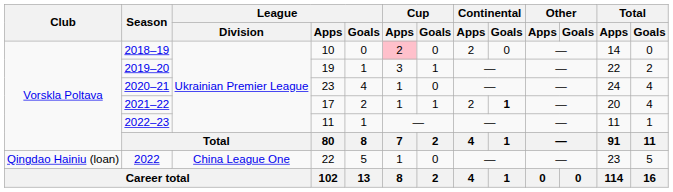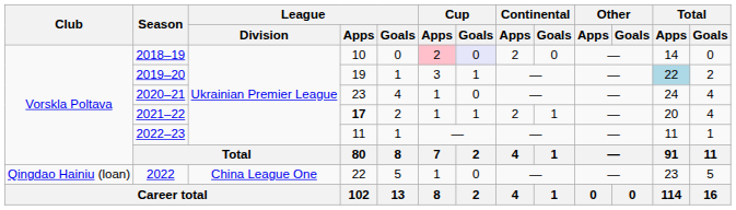 <table class="wikitable" style="text-align: center">
 <tr>
 <th rowspan="2">Club</th>
 <th rowspan="2">Season</th>
 <th colspan="3">League</th>
 <th colspan="2">Cup</th>
 <th colspan="2">Continental</th>
 <th colspan="2">Other</th>
 <th colspan="2">Total</th>
 </tr>
 <tr>
 <th>Division</th>
 <th>Apps</th>
 <th>Goals</th>
 <th>Apps</th>
 <th>Goals</th>
 <th>Apps</th>
 <th>Goals</th>
 <th>Apps</th>
 <th>Goals</th>
 <th>Apps</th>
 <th>Goals</th>
 </tr>
 <tr>
 <td rowspan="6"><a href='#'>Vorskla Poltava</a></td>
 <td><a href='#'>2018–19</a></td>
 <td rowspan="5"><a href='#'>Ukrainian Premier League</a></td>
 <td>10</td>
 <td>0</td>
 <td style="background: pink;">2</td>
-<td>0</td>
+<td style="background: lavender;">0</td>
 <td>2</td>
 <td>0</td>
 <td colspan="2">—</td>
 <td>14</td>
 <td>0</td>
 </tr>
 <tr>
 <td><a href='#'>2019–20</a></td>
 <td>19</td>
 <td>1</td>
 <td>3</td>
 <td>1</td>
 <td colspan="2">—</td>
 <td colspan="2">—</td>
-<td>22</td>
+<td style="background: lightblue;">22</td>
 <td>2</td>
 </tr>
 <tr>
 <td><a href='#'>2020–21</a></td>
 <td>23</td>
 <td>4</td>
 <td>1</td>
 <td>0</td>
 <td colspan="2">—</td>
 <td colspan="2">—</td>
 <td>24</td>
 <td>4</td>
 </tr>
 <tr>
 <td><a href='#'>2021–22</a></td>
-<td>17</td>
+<td><strong>17</strong></td>
 <td>2</td>
 <td>1</td>
 <td>1</td>
 <td>2</td>
-<td><strong>1</strong></td>
+<td>1</td>
 <td colspan="2">—</td>
 <td>20</td>
 <td>4</td>
 </tr>
 <tr>
 <td><a href='#'>2022–23</a></td>
 <td>11</td>
 <td>1</td>
 <td colspan="2">—</td>
 <td colspan="2">—</td>
 <td colspan="2">—</td>
 <td>11</td>
 <td>1</td>
 </tr>
 <tr>
 <th colspan="2"><strong>Total</strong></th>
 <th>80</th>
 <th>8</th>
 <th>7</th>
 <th>2</th>
 <th>4</th>
 <th>1</th>
 <th colspan="2">—</th>
 <th>91</th>
 <th>11</th>
 </tr>
 <tr>
 <td><a href='#'>Qingdao Hainiu</a> (loan)</td>
 <td><a href='#'>2022</a></td>
 <td><a href='#'>China League One</a></td>
 <td>22</td>
 <td>5</td>
 <td>1</td>
 <td>0</td>
 <td colspan="2">—</td>
 <td colspan="2">—</td>
 <td>23</td>
 <td>5</td>
 </tr>
 <tr>
 <th colspan="3"><strong>Career total</strong></th>
 <th>102</th>
 <th>13</th>
 <th>8</th>
 <th>2</th>
 <th>4</th>
 <th>1</th>
 <th>0</th>
 <th>0</th>
 <th>114</th>
 <th>16</th>
 </tr>
 </table>
